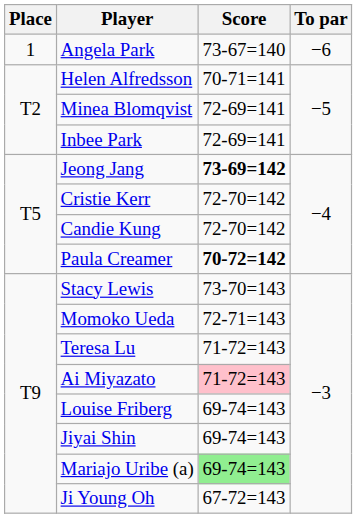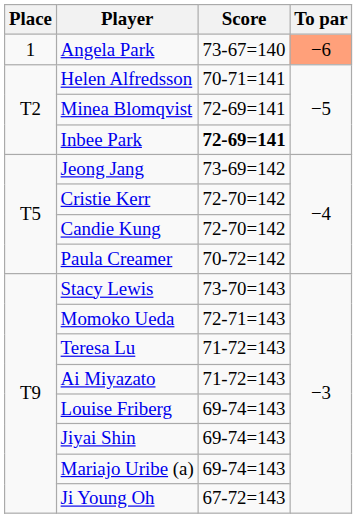 <table class="wikitable">
 <tr>
 <th>Place</th>
 <th>Player</th>
 <th>Score</th>
 <th>To par</th>
 </tr>
 <tr>
 <td align=center>1</td>
 <td> <a href='#'>Angela Park</a><br></td>
 <td>73-67=140</td>
-<td align=center>−6</td>
+<td align=center style="background: lightsalmon;">−6</td>
 </tr>
 <tr>
 <td rowspan="3" align=center>T2</td>
 <td> <a href='#'>Helen Alfredsson</a></td>
 <td>70-71=141</td>
 <td rowspan="3" align=center>−5</td>
 </tr>
 <tr>
 <td> <a href='#'>Minea Blomqvist</a></td>
 <td>72-69=141</td>
 </tr>
 <tr>
 <td> <a href='#'>Inbee Park</a></td>
-<td>72-69=141</td>
+<td><strong>72-69=141</strong></td>
 </tr>
 <tr>
 <td rowspan="4" align=center>T5</td>
 <td> <a href='#'>Jeong Jang</a></td>
-<td><strong>73-69=142</strong></td>
+<td>73-69=142</td>
 <td rowspan="4" align=center>−4</td>
 </tr>
 <tr>
 <td> <a href='#'>Cristie Kerr</a></td>
 <td>72-70=142</td>
 </tr>
 <tr>
 <td> <a href='#'>Candie Kung</a></td>
 <td>72-70=142</td>
 </tr>
 <tr>
 <td> <a href='#'>Paula Creamer</a></td>
-<td><strong>70-72=142</strong></td>
+<td>70-72=142</td>
 </tr>
 <tr>
 <td rowspan="8" align=center>T9</td>
 <td> <a href='#'>Stacy Lewis</a></td>
 <td>73-70=143</td>
 <td rowspan="8" align=center>−3</td>
 </tr>
 <tr>
 <td> <a href='#'>Momoko Ueda</a></td>
 <td>72-71=143</td>
 </tr>
 <tr>
 <td> <a href='#'>Teresa Lu</a></td>
 <td>71-72=143</td>
 </tr>
 <tr>
 <td> <a href='#'>Ai Miyazato</a></td>
-<td style="background: pink;">71-72=143</td>
+<td>71-72=143</td>
 </tr>
 <tr>
 <td> <a href='#'>Louise Friberg</a></td>
 <td>69-74=143</td>
 </tr>
 <tr>
 <td> <a href='#'>Jiyai Shin</a></td>
 <td>69-74=143</td>
 </tr>
 <tr>
 <td> <a href='#'>Mariajo Uribe</a> (a)</td>
-<td style="background: lightgreen;">69-74=143</td>
+<td>69-74=143</td>
 </tr>
 <tr>
 <td> <a href='#'>Ji Young Oh</a></td>
 <td>67-72=143</td>
 </tr>
 </table>
